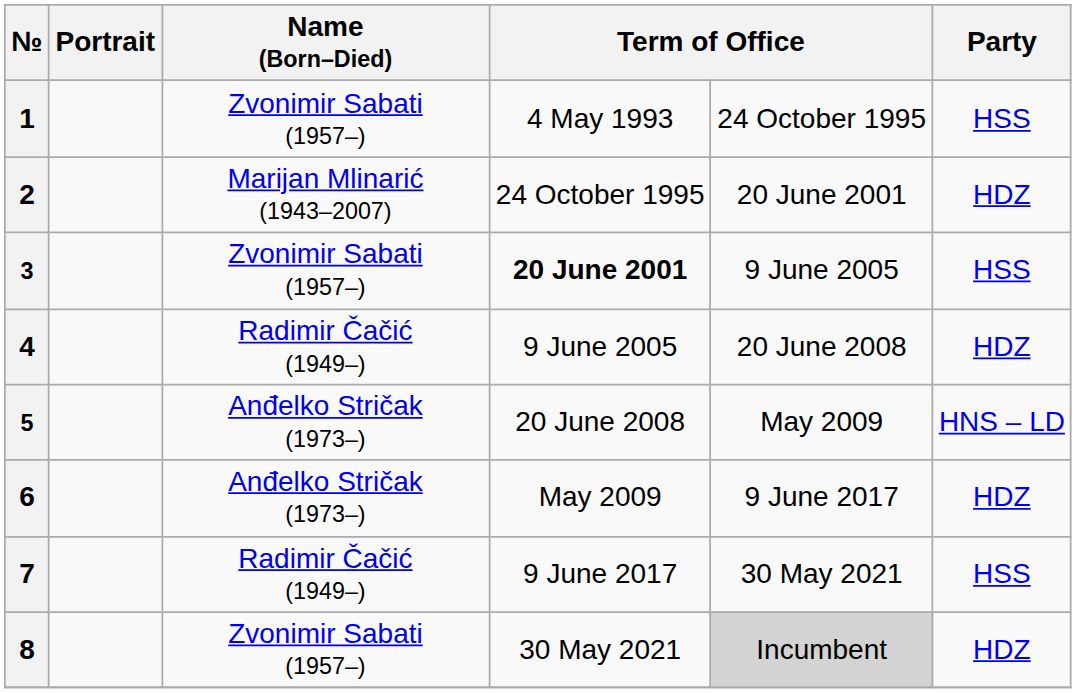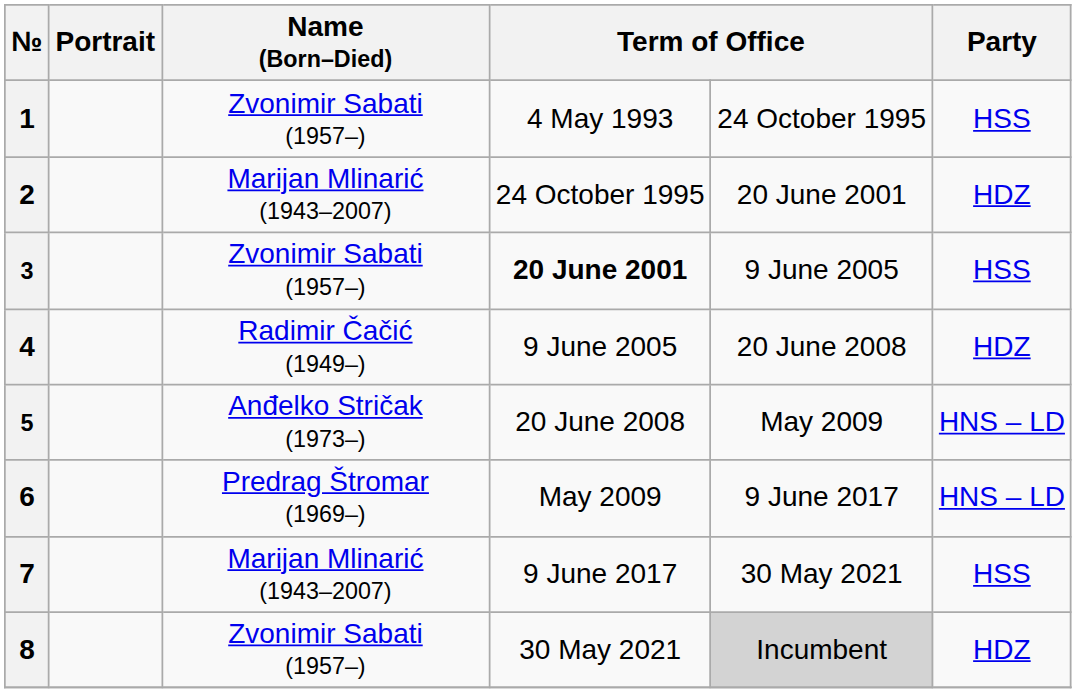 <table class="wikitable" style="text-align:center">
 <tr ->
 <th>№</th>
 <th>Portrait</th>
 <th width=180>Name<br><small>(Born–Died)</small></th>
 <th colspan=2>Term of Office</th>
 <th>Party</th>
 </tr>
 <tr ->
 <th style="background:">1</th>
 <td></td>
 <td><a href='#'>Zvonimir Sabati</a><br><small>(1957–)</small></td>
 <td>4 May 1993</td>
 <td>24 October 1995</td>
 <td><a href='#'>HSS</a></td>
 </tr>
 <tr ->
 <th style="background:">2</th>
 <td></td>
 <td><a href='#'>Marijan Mlinarić</a><br><small>(1943–2007)</small></td>
 <td>24 October 1995</td>
 <td>20 June 2001</td>
 <td><a href='#'>HDZ</a></td>
 </tr>
 <tr ->
 <th style="background:"><small>3</small></th>
 <td></td>
 <td><a href='#'>Zvonimir Sabati</a><br><small>(1957–)</small></td>
 <td><strong>20 June 2001</strong></td>
 <td>9 June 2005</td>
 <td><a href='#'>HSS</a></td>
 </tr>
 <tr ->
 <th style="background:">4</th>
 <td></td>
 <td><a href='#'>Radimir Čačić</a><br><small>(1949–)</small></td>
 <td>9 June 2005</td>
 <td>20 June 2008</td>
 <td><a href='#'>HDZ</a></td>
 </tr>
 <tr ->
 <th style="background:"><small>5</small></th>
 <td></td>
 <td><a href='#'>Anđelko Stričak</a><br><small>(1973–)</small></td>
 <td>20 June 2008</td>
 <td>May 2009</td>
 <td><a href='#'>HNS – LD</a></td>
 </tr>
 <tr ->
 <th style="background:">6</th>
 <td></td>
-<td><a href='#'>Anđelko Stričak</a><br><small>(1973–)</small></td>
+<td><a href='#'>Predrag Štromar</a><br><small>(1969–)</small></td>
 <td>May 2009</td>
 <td>9 June 2017</td>
-<td><a href='#'>HDZ</a></td>
+<td><a href='#'>HNS – LD</a></td>
 </tr>
 <tr ->
 <th style="background:">7</th>
 <td></td>
-<td><a href='#'>Radimir Čačić</a><br><small>(1949–)</small></td>
+<td><a href='#'>Marijan Mlinarić</a><br><small>(1943–2007)</small></td>
 <td>9 June 2017</td>
 <td>30 May 2021</td>
 <td><a href='#'>HSS</a></td>
 </tr>
 <tr ->
 <th style="background:">8</th>
 <td></td>
 <td><a href='#'>Zvonimir Sabati</a><br><small>(1957–)</small></td>
 <td>30 May 2021</td>
 <td style="background: lightgrey;">Incumbent</td>
 <td><a href='#'>HDZ</a></td>
 </tr>
 <tr ->
 </tr>
 </table>
